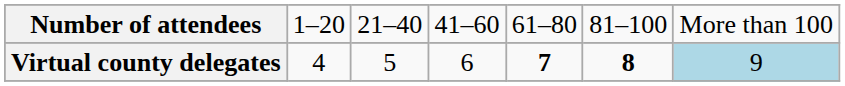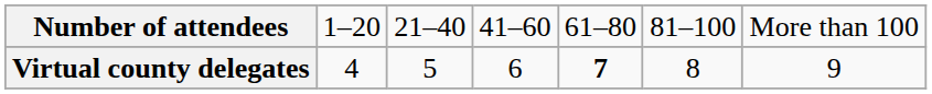 <table class="wikitable" style="position:left; padding:5px; text-align:center; font-size:90%; line-height:1.0">
 <tr>
 <th>Number of attendees</th>
 <td>1–20</td>
 <td>21–40</td>
 <td>41–60</td>
 <td>61–80</td>
 <td>81–100</td>
 <td>More than 100</td>
 </tr>
 <tr align="center">
 <th>Virtual county delegates</th>
 <td>4</td>
 <td>5</td>
 <td>6</td>
 <td><strong>7</strong></td>
-<td><strong>8</strong></td>
-<td style="background: lightblue;">9</td>
+<td>8</td>
+<td>9</td>
 </tr>
 </table>
